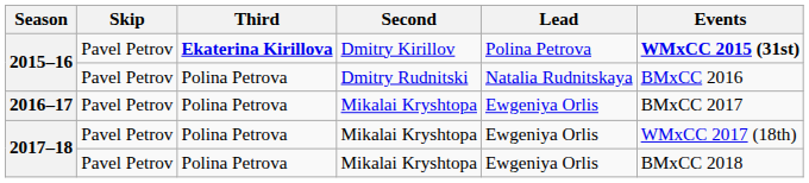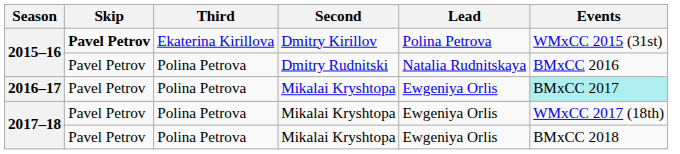 <table class="wikitable">
 <tr>
 <th scope="col">Season</th>
 <th scope="col">Skip</th>
 <th scope="col">Third</th>
 <th scope="col">Second</th>
 <th scope="col">Lead</th>
 <th scope="col">Events</th>
 </tr>
 <tr>
 <th scope="row" rowspan=2>2015–16</th>
-<td>Pavel Petrov</td>
-<td><strong><a href='#'>Ekaterina Kirillova</a></strong></td>
+<td><strong>Pavel Petrov</strong></td>
+<td><a href='#'>Ekaterina Kirillova</a></td>
 <td><a href='#'>Dmitry Kirillov</a></td>
 <td><a href='#'>Polina Petrova</a></td>
-<td><strong><a href='#'>WMxCC 2015</a> (31st)</strong></td>
+<td><a href='#'>WMxCC 2015</a> (31st)</td>
 </tr>
 <tr>
 <td>Pavel Petrov</td>
 <td>Polina Petrova</td>
 <td><a href='#'>Dmitry Rudnitski</a></td>
 <td><a href='#'>Natalia Rudnitskaya</a></td>
 <td><a href='#'>BMxCC</a> 2016 </td>
 </tr>
 <tr>
 <th scope="row">2016–17</th>
 <td>Pavel Petrov</td>
 <td>Polina Petrova</td>
 <td><a href='#'>Mikalai Kryshtopa</a></td>
 <td><a href='#'>Ewgeniya Orlis</a></td>
-<td>BMxCC 2017 </td>
+<td style="background: paleturquoise;">BMxCC 2017 </td>
 </tr>
 <tr>
 <th scope="row" rowspan=2>2017–18</th>
 <td>Pavel Petrov</td>
 <td>Polina Petrova</td>
 <td>Mikalai Kryshtopa</td>
 <td>Ewgeniya Orlis</td>
 <td><a href='#'>WMxCC 2017</a> (18th)</td>
 </tr>
 <tr>
 <td>Pavel Petrov</td>
 <td>Polina Petrova</td>
 <td>Mikalai Kryshtopa</td>
 <td>Ewgeniya Orlis</td>
 <td>BMxCC 2018 </td>
 </tr>
 </table>
